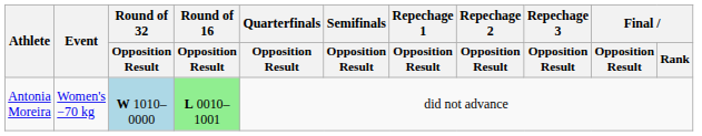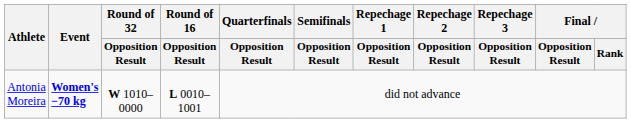 <table class="wikitable" style="font-size:90%">
 <tr>
 <th rowspan="2">Athlete</th>
 <th rowspan="2">Event</th>
 <th>Round of 32</th>
 <th>Round of 16</th>
 <th>Quarterfinals</th>
 <th>Semifinals</th>
 <th>Repechage 1</th>
 <th>Repechage 2</th>
 <th>Repechage 3</th>
 <th colspan=2>Final / </th>
 </tr>
 <tr style="font-size:95%">
 <th>Opposition<br>Result</th>
 <th>Opposition<br>Result</th>
 <th>Opposition<br>Result</th>
 <th>Opposition<br>Result</th>
 <th>Opposition<br>Result</th>
 <th>Opposition<br>Result</th>
 <th>Opposition<br>Result</th>
 <th>Opposition<br>Result</th>
 <th>Rank</th>
 </tr>
 <tr align=center>
 <td align=left><a href='#'>Antonia Moreira</a></td>
-<td align=left><a href='#'>Women's −70 kg</a></td>
-<td style="background: lightblue;"><br><strong>W</strong> 1010–0000</td>
-<td style="background: lightgreen;"><br><strong>L</strong> 0010–1001</td>
+<td align=left><strong><a href='#'>Women's −70 kg</a></strong></td>
+<td><br><strong>W</strong> 1010–0000</td>
+<td><br><strong>L</strong> 0010–1001</td>
 <td colspan=7>did not advance</td>
 </tr>
 </table>
